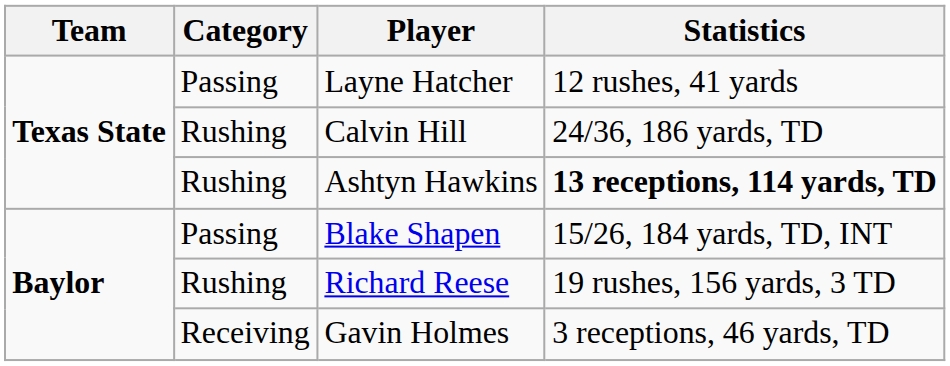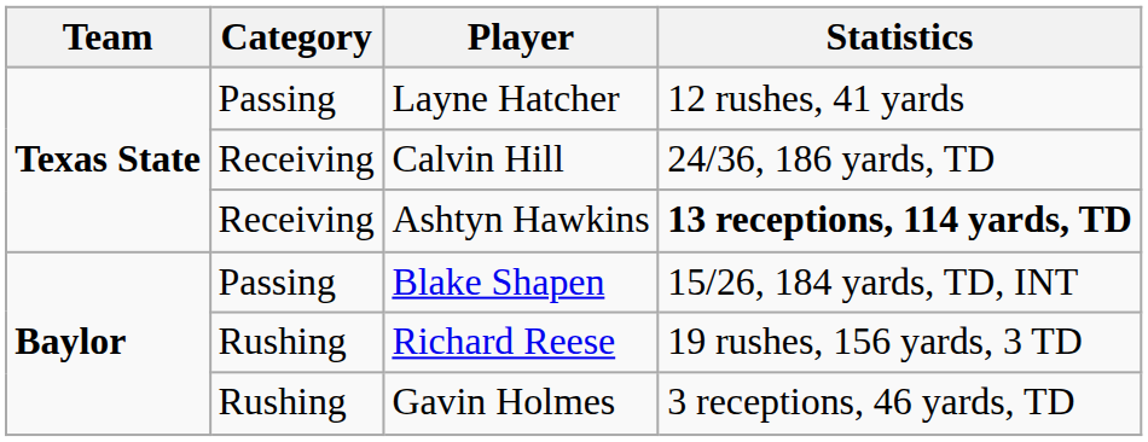 <table class="wikitable" style="float: left;">
 <tr>
 <th>Team</th>
 <th>Category</th>
 <th>Player</th>
 <th>Statistics</th>
 </tr>
 <tr>
 <td rowspan=3><strong>Texas State</strong></td>
 <td>Passing</td>
 <td>Layne Hatcher</td>
 <td>12 rushes, 41 yards</td>
 </tr>
 <tr>
-<td>Rushing</td>
+<td>Receiving</td>
 <td>Calvin Hill</td>
 <td>24/36, 186 yards, TD</td>
 </tr>
 <tr>
-<td>Rushing</td>
+<td>Receiving</td>
 <td>Ashtyn Hawkins</td>
 <td><strong>13 receptions, 114 yards, TD</strong></td>
 </tr>
 <tr>
 <td rowspan=3><strong>Baylor</strong></td>
 <td>Passing</td>
 <td><a href='#'>Blake Shapen</a></td>
 <td>15/26, 184 yards, TD, INT</td>
 </tr>
 <tr>
 <td>Rushing</td>
 <td><a href='#'>Richard Reese</a></td>
 <td>19 rushes, 156 yards, 3 TD</td>
 </tr>
 <tr>
-<td>Receiving</td>
+<td>Rushing</td>
 <td>Gavin Holmes</td>
 <td>3 receptions, 46 yards, TD</td>
 </tr>
 </table>
